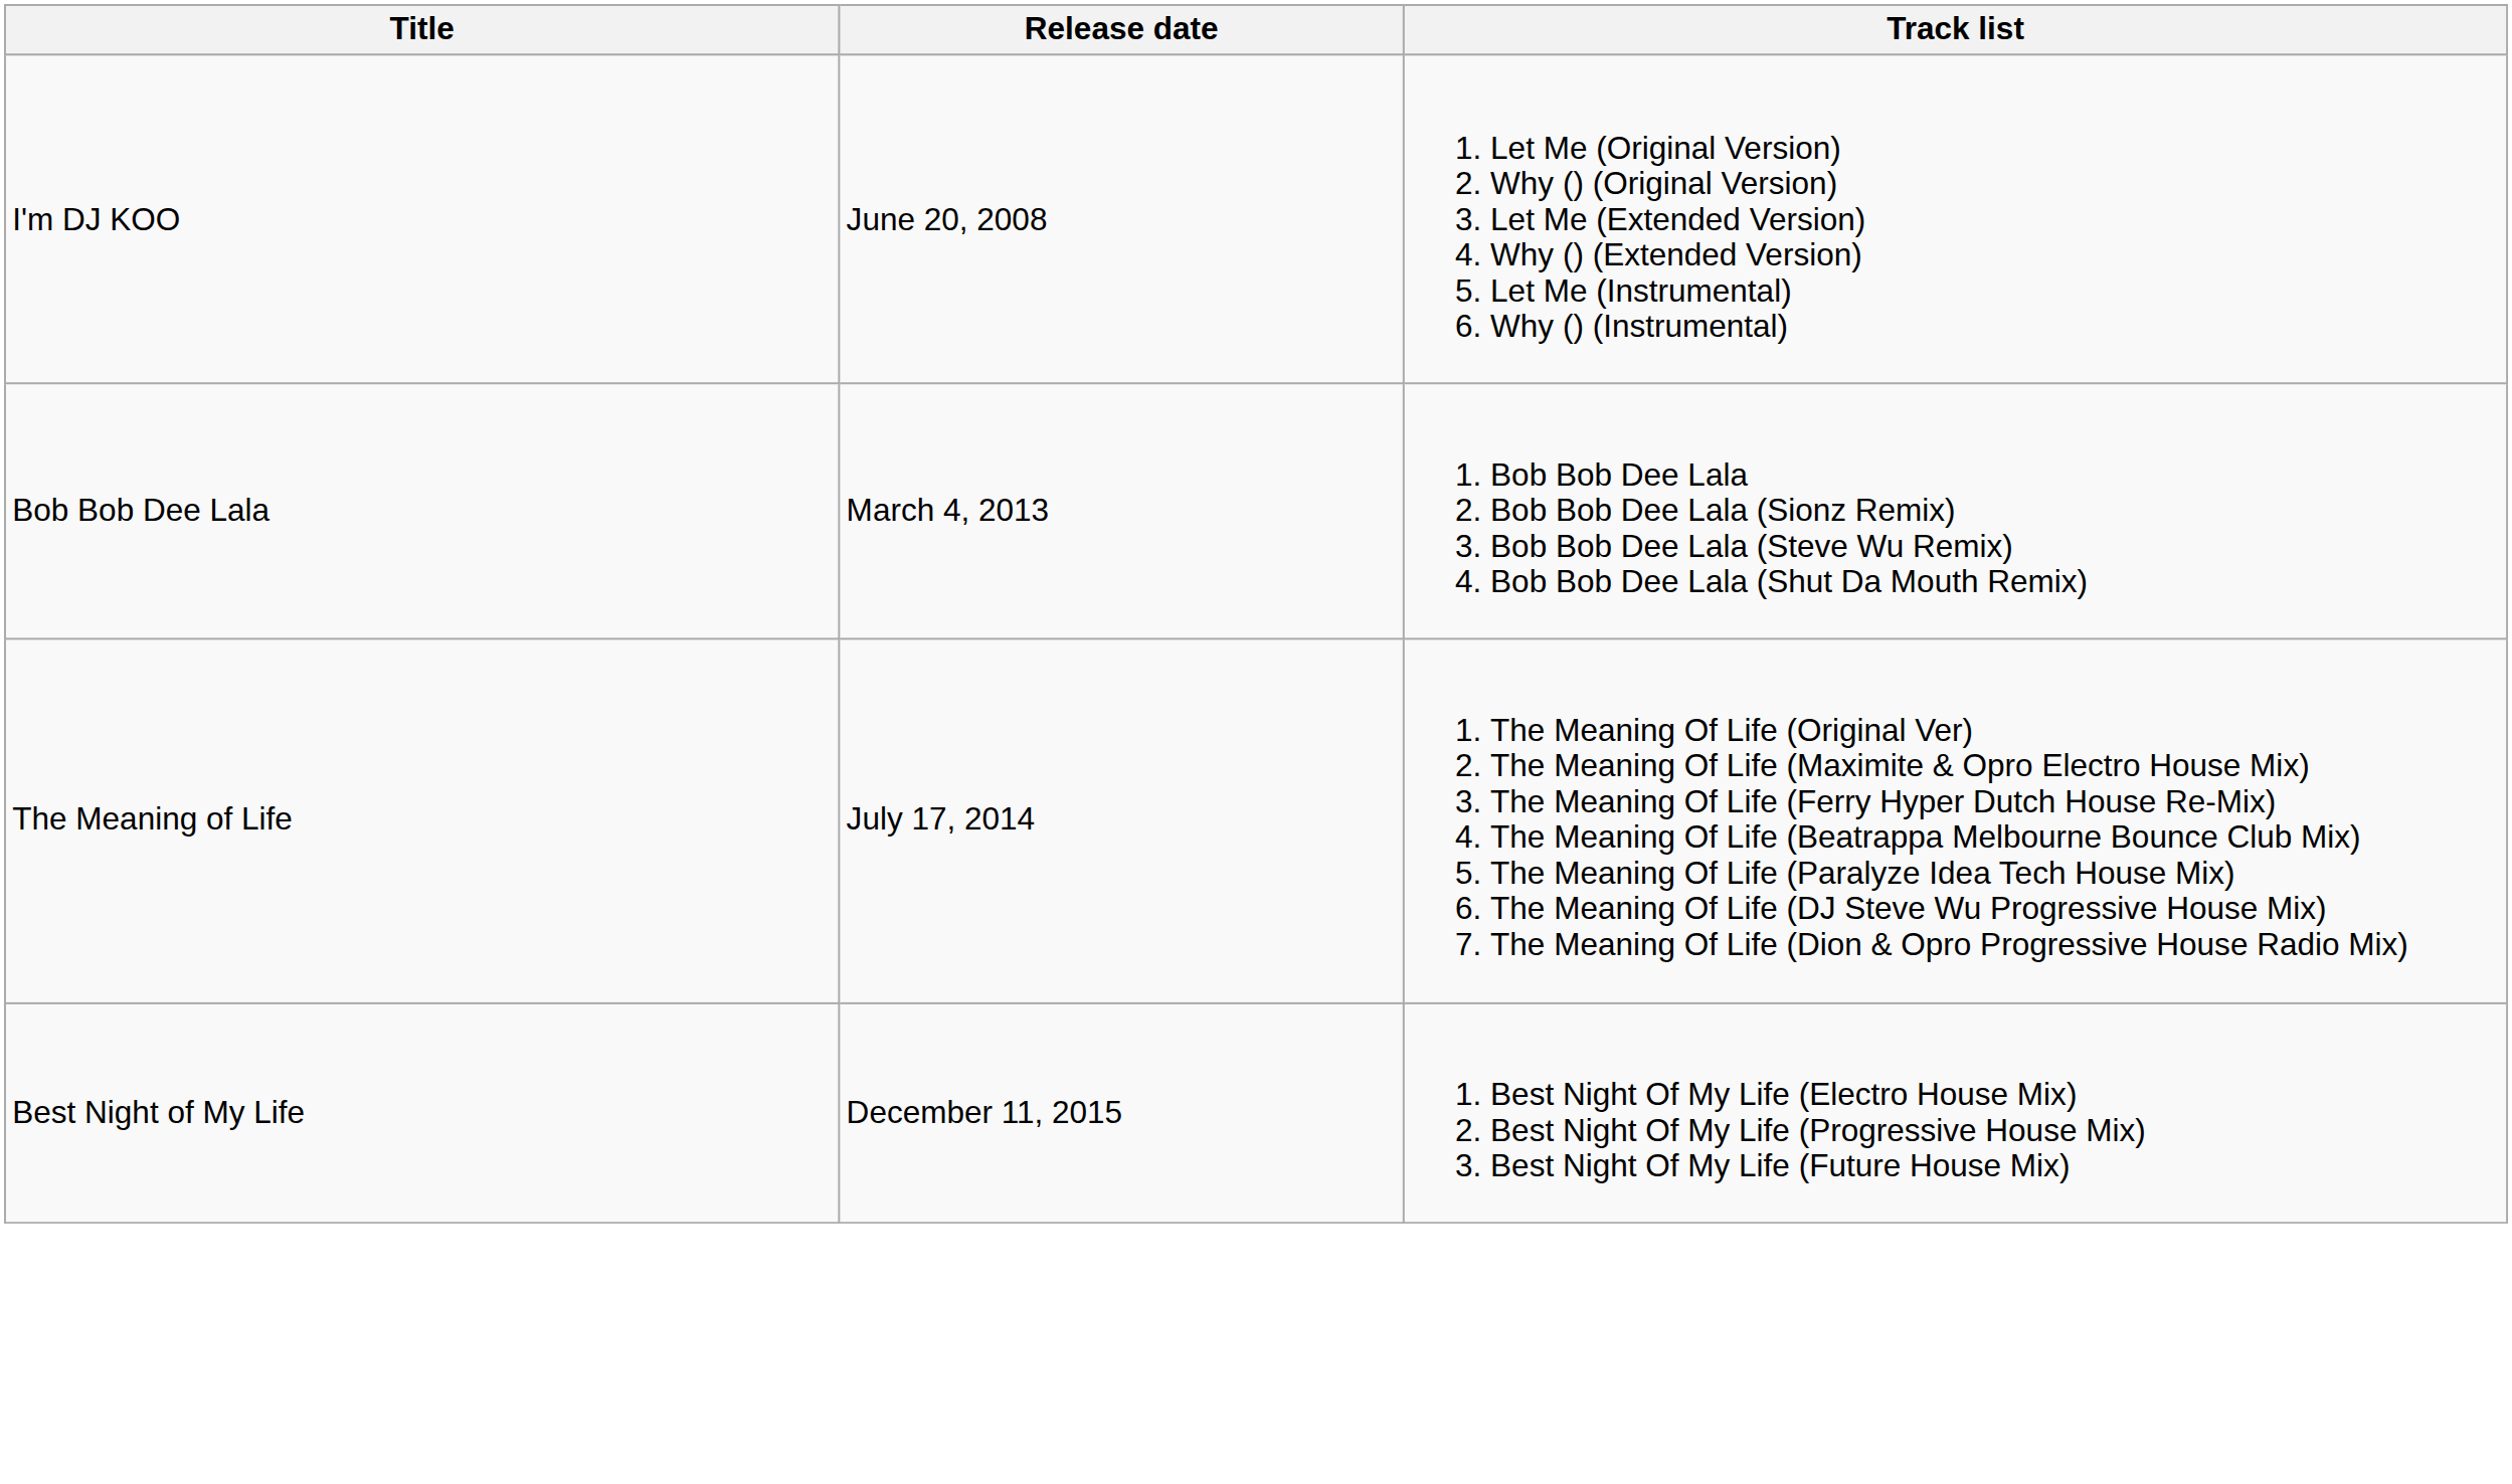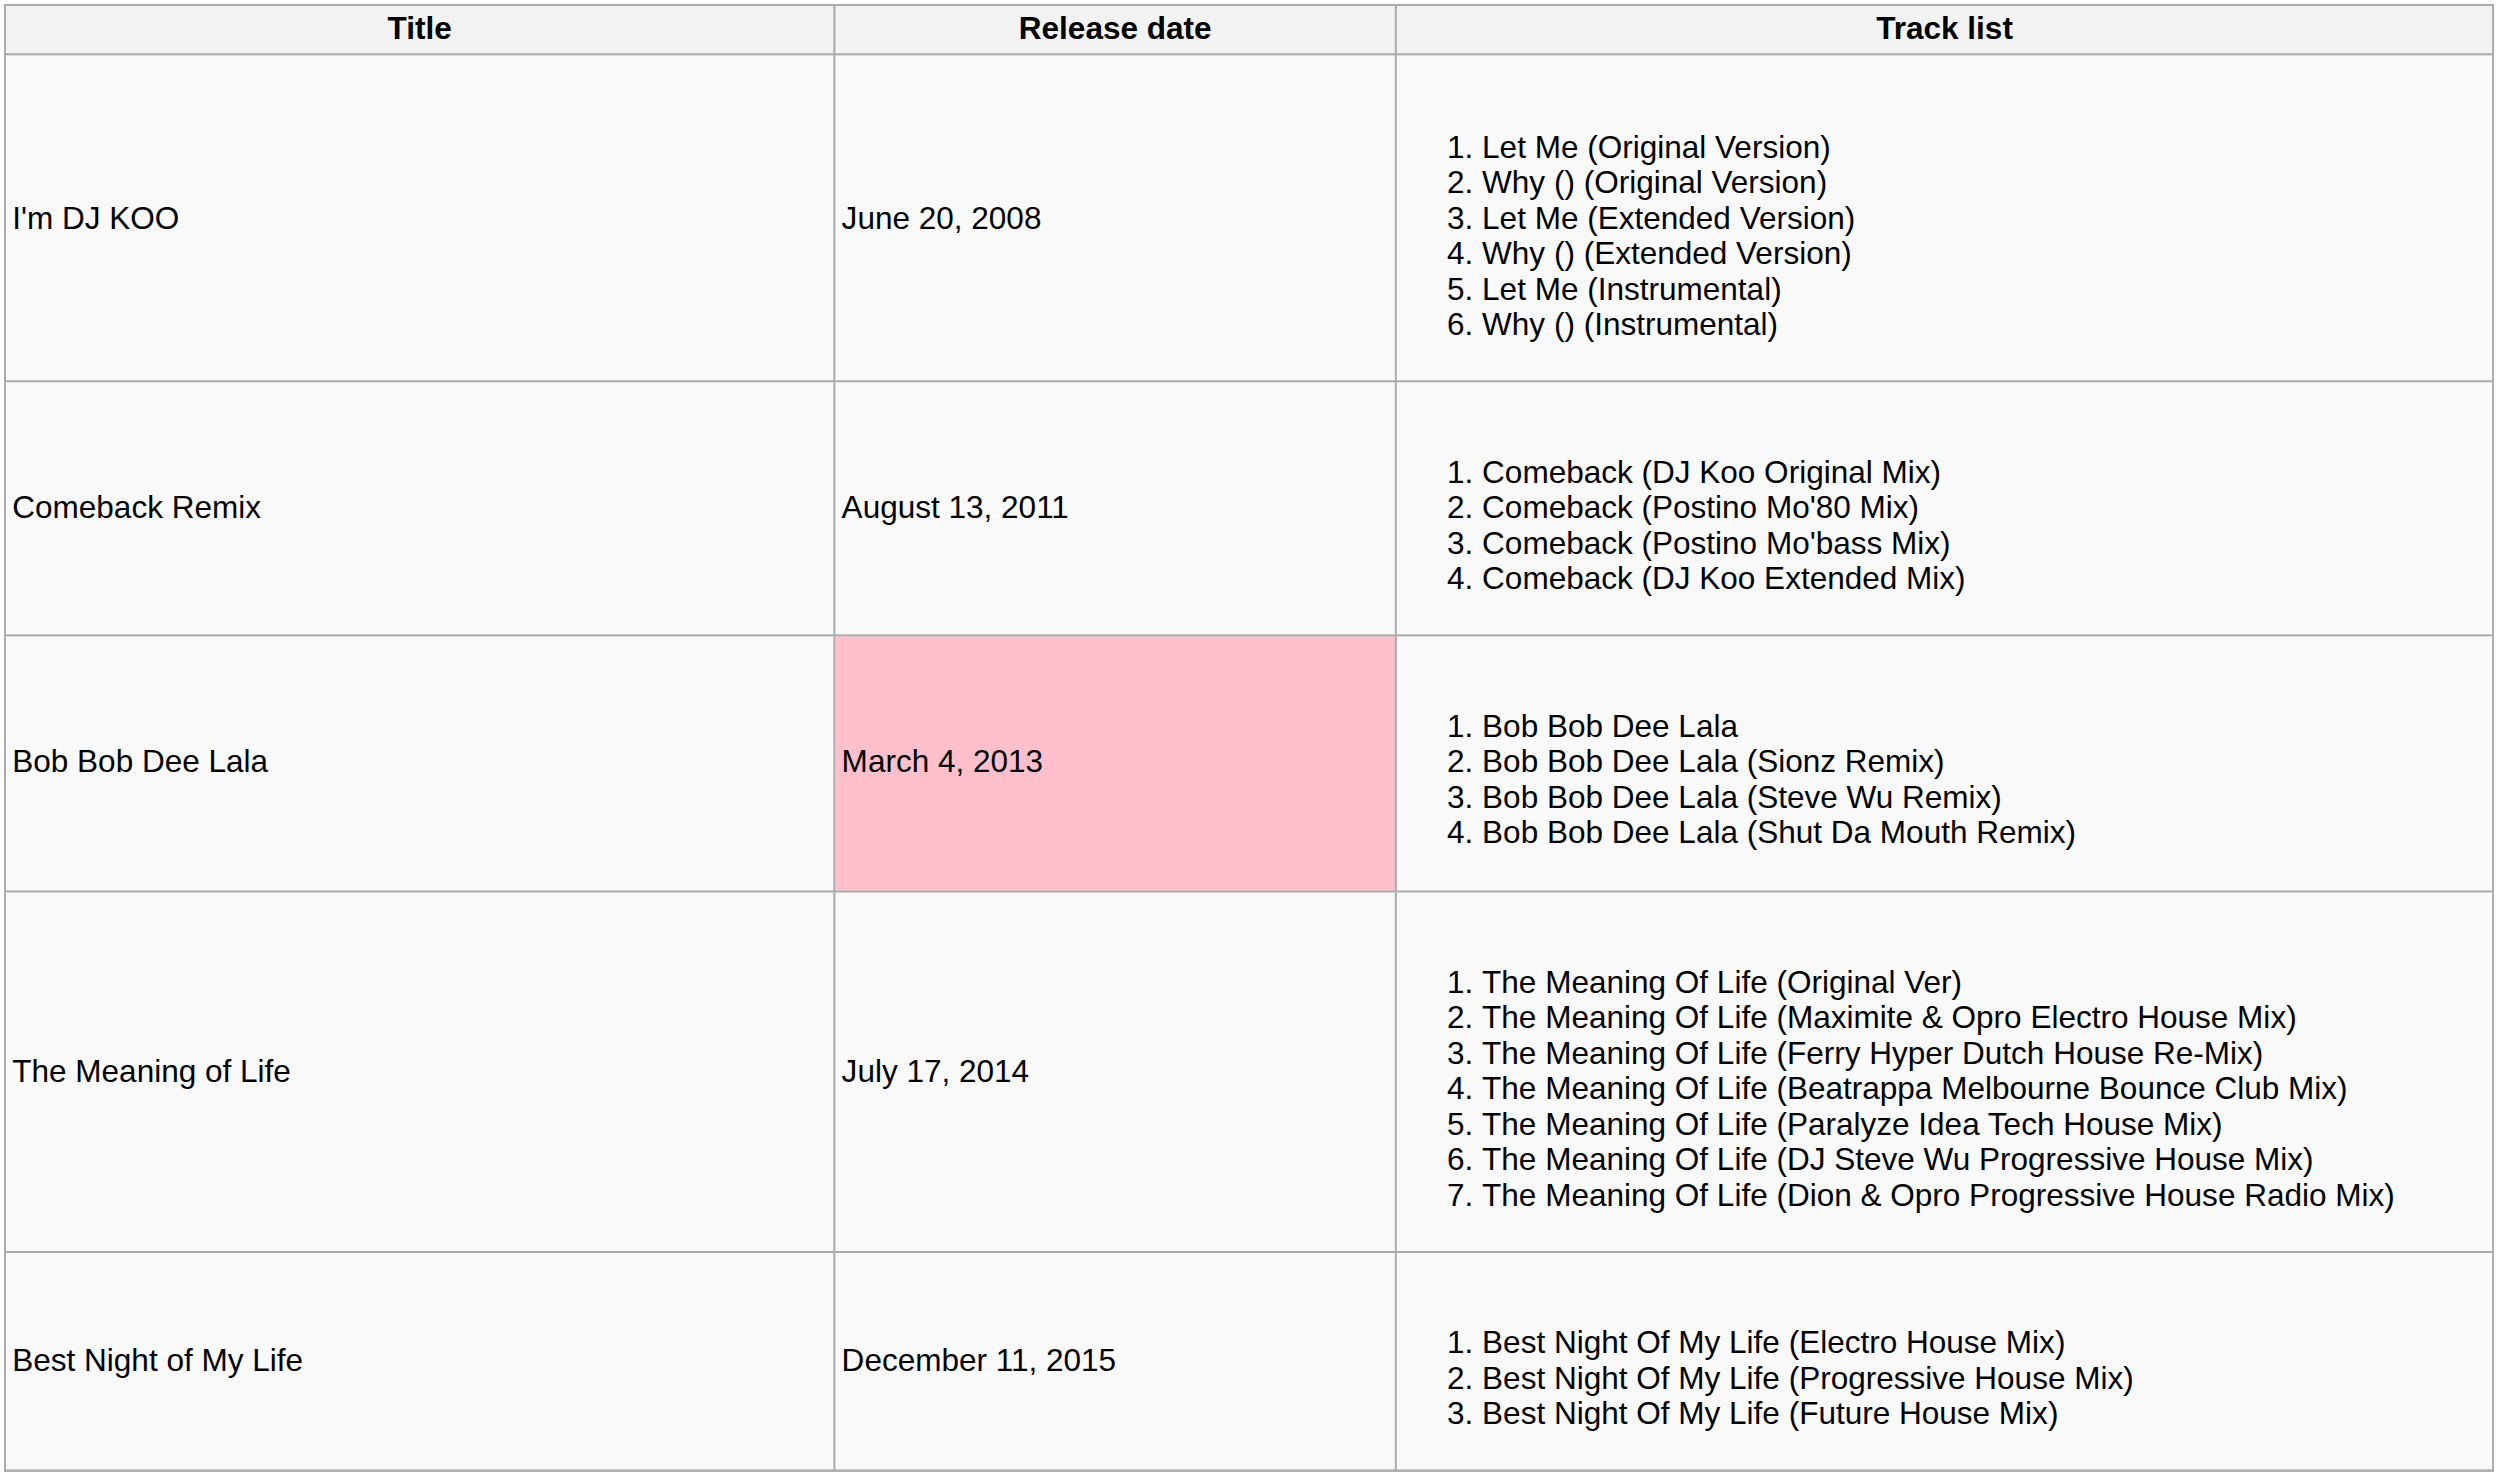 <table class="wikitable" width="100%">
 <tr bgcolor="#CCCCCC" align="center">
 <th align="left" width="225px">Title</th>
 <th align="left" width="150px">Release date</th>
 <th align="left" width="300px">Track list</th>
 </tr>
 <tr>
 <td align="left">I'm DJ KOO</td>
 <td>June 20, 2008</td>
 <td><br><ol><li>Let Me (Original Version)</li><li>Why () (Original Version)</li><li>Let Me (Extended Version)</li><li>Why () (Extended Version)</li><li>Let Me (Instrumental)</li><li>Why () (Instrumental)</li></ol></td>
 </tr>
 <tr>
+<td align="left">Comeback Remix</td>
+<td>August 13, 2011</td>
+<td><br><ol><li>Comeback (DJ Koo Original Mix)</li><li>Comeback (Postino Mo'80 Mix)</li><li>Comeback (Postino Mo'bass Mix)</li><li>Comeback  (DJ Koo Extended Mix)</li></ol></td>
+</tr>
+<tr>
 <td align="left">Bob Bob Dee Lala</td>
-<td>March 4, 2013</td>
+<td style="background: pink;">March 4, 2013</td>
 <td><br><ol><li>Bob Bob Dee Lala</li><li>Bob Bob Dee Lala (Sionz Remix)</li><li>Bob Bob Dee Lala (Steve Wu Remix)</li><li>Bob Bob Dee Lala (Shut Da Mouth Remix)</li></ol></td>
 </tr>
 <tr>
 <td align="left">The Meaning of Life</td>
 <td>July 17, 2014</td>
 <td><br><ol><li>The Meaning Of Life (Original Ver)</li><li>The Meaning Of Life (Maximite & Opro Electro House Mix)</li><li>The Meaning Of Life (Ferry Hyper Dutch House Re-Mix)</li><li>The Meaning Of Life (Beatrappa Melbourne Bounce Club Mix)</li><li>The Meaning Of Life (Paralyze Idea Tech House Mix)</li><li>The Meaning Of Life (DJ Steve Wu Progressive House Mix)</li><li>The Meaning Of Life (Dion & Opro Progressive House Radio Mix)</li></ol></td>
 </tr>
 <tr>
 <td align="left">Best Night of My Life</td>
 <td>December 11, 2015</td>
 <td><br><ol><li>Best Night Of My Life (Electro House Mix)</li><li>Best Night Of My Life (Progressive House Mix)</li><li>Best Night Of My Life (Future House Mix)</li></ol></td>
 </tr>
 <tr>
 </tr>
 </table>
